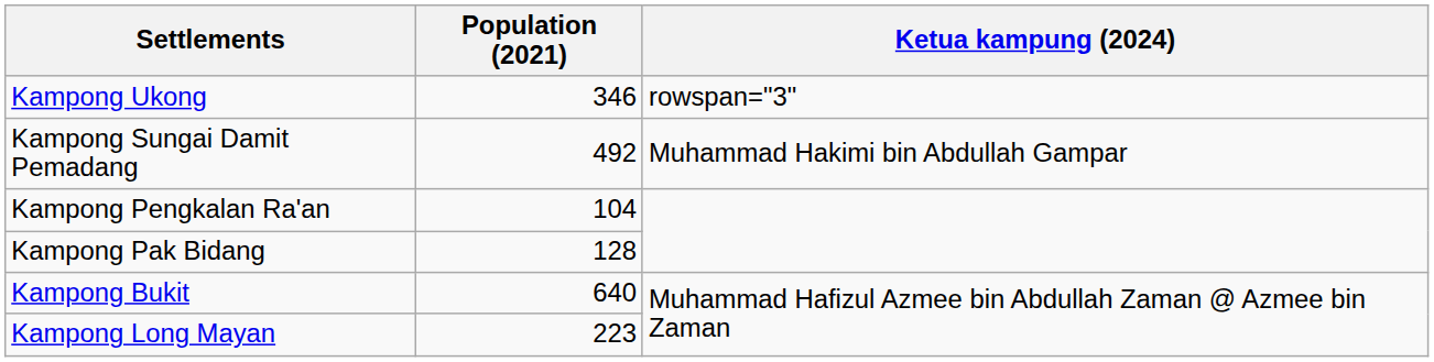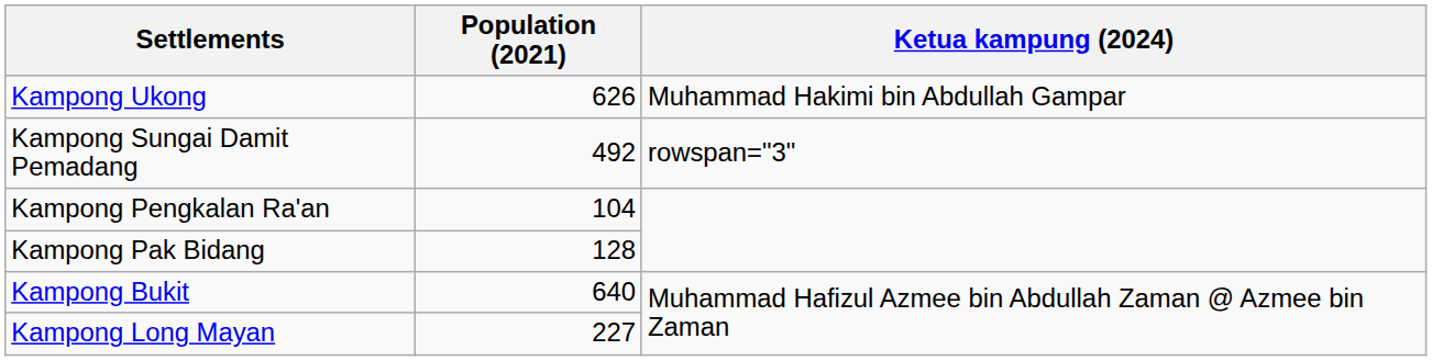 <table class="wikitable">
 <tr>
 <th>Settlements</th>
 <th>Population (2021)</th>
 <th><a href='#'>Ketua kampung</a> (2024)</th>
 </tr>
 <tr>
 <td><a href='#'>Kampong Ukong</a></td>
-<td align="right">346</td>
-<td>rowspan="3" </td>
+<td align="right">626</td>
+<td>Muhammad Hakimi bin Abdullah Gampar</td>
 </tr>
 <tr>
 <td>Kampong Sungai Damit Pemadang</td>
 <td align="right">492</td>
-<td>Muhammad Hakimi bin Abdullah Gampar</td>
+<td>rowspan="3" </td>
 </tr>
 <tr>
 <td>Kampong Pengkalan Ra'an</td>
 <td align="right">104</td>
 </tr>
 <tr>
 <td>Kampong Pak Bidang</td>
 <td align="right">128</td>
 </tr>
 <tr>
 <td><a href='#'>Kampong Bukit</a></td>
 <td align="right">640</td>
 <td rowspan="2">Muhammad Hafizul Azmee bin Abdullah Zaman @ Azmee bin Zaman</td>
 </tr>
 <tr>
 <td><a href='#'>Kampong Long Mayan</a></td>
-<td align="right">223</td>
+<td align="right">227</td>
 </tr>
 </table>
